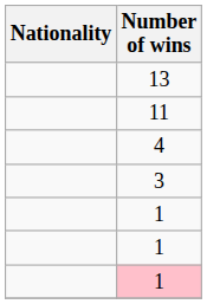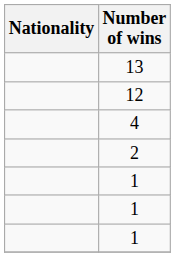 <table class="wikitable">
 <tr>
 <th>Nationality</th>
 <th>Number<br>of wins</th>
 </tr>
 <tr>
 <td></td>
 <td align=center>13</td>
 </tr>
 <tr>
 <td></td>
-<td align=center>11</td>
+<td align=center>12</td>
 </tr>
 <tr>
 <td></td>
 <td align=center>4</td>
 </tr>
 <tr>
 <td></td>
-<td align=center>3</td>
+<td align=center>2</td>
 </tr>
 <tr>
 <td></td>
 <td align=center>1</td>
 </tr>
 <tr>
 <td></td>
 <td align=center>1</td>
 </tr>
 <tr>
 <td></td>
-<td align=center style="background: pink;">1</td>
+<td align=center>1</td>
 </tr>
 <tr>
 </tr>
 </table>
